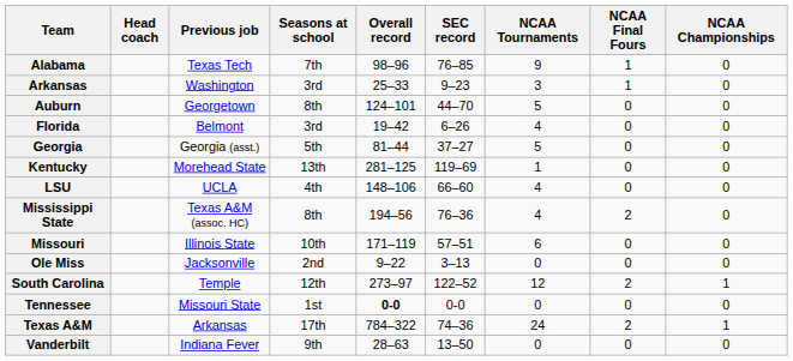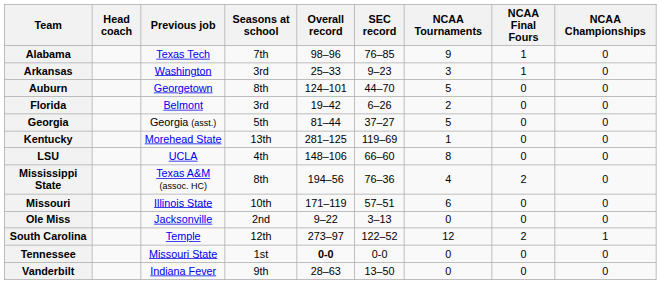 <table class="wikitable sortable" style="text-align: center;font-size:90%;">
 <tr>
 <th width="110">Team</th>
 <th>Head coach</th>
 <th>Previous job</th>
 <th>Seasons at school</th>
 <th>Overall record</th>
 <th>SEC record</th>
 <th>NCAA Tournaments</th>
 <th>NCAA Final Fours</th>
 <th>NCAA Championships</th>
 </tr>
 <tr>
 <th>Alabama</th>
 <td></td>
 <td><a href='#'>Texas Tech</a></td>
 <td>7th</td>
 <td>98–96</td>
 <td>76–85</td>
 <td>9</td>
 <td>1</td>
 <td>0</td>
 </tr>
 <tr>
 <th>Arkansas</th>
 <td></td>
 <td><a href='#'>Washington</a></td>
 <td>3rd</td>
 <td>25–33</td>
 <td>9–23</td>
 <td>3</td>
 <td>1</td>
 <td>0</td>
 </tr>
 <tr>
 <th>Auburn</th>
 <td></td>
 <td><a href='#'>Georgetown</a></td>
 <td>8th</td>
 <td>124–101</td>
 <td>44–70</td>
 <td>5</td>
 <td>0</td>
 <td>0</td>
 </tr>
 <tr>
 <th>Florida</th>
 <td></td>
 <td><a href='#'>Belmont</a></td>
 <td>3rd</td>
 <td>19–42</td>
 <td>6–26</td>
-<td>4</td>
+<td>2</td>
 <td>0</td>
 <td>0</td>
 </tr>
 <tr>
 <th>Georgia</th>
 <td></td>
 <td>Georgia <small>(asst.)</small></td>
 <td>5th</td>
 <td>81–44</td>
 <td>37–27</td>
 <td>5</td>
 <td>0</td>
 <td>0</td>
 </tr>
 <tr>
 <th>Kentucky</th>
 <td></td>
 <td><a href='#'>Morehead State</a></td>
 <td>13th</td>
 <td>281–125</td>
 <td>119–69</td>
 <td>1</td>
 <td>0</td>
 <td>0</td>
 </tr>
 <tr>
 <th>LSU</th>
 <td></td>
 <td><a href='#'>UCLA</a></td>
 <td>4th</td>
 <td>148–106</td>
 <td>66–60</td>
-<td>4</td>
+<td>8</td>
 <td>0</td>
 <td>0</td>
 </tr>
 <tr>
 <th>Mississippi State</th>
 <td></td>
 <td><a href='#'>Texas A&M</a> <small>(assoc. HC)</small></td>
 <td>8th</td>
 <td>194–56</td>
 <td>76–36</td>
 <td>4</td>
 <td>2</td>
 <td>0</td>
 </tr>
 <tr>
 <th>Missouri</th>
 <td></td>
 <td><a href='#'>Illinois State</a></td>
 <td>10th</td>
 <td>171–119</td>
 <td>57–51</td>
 <td>6</td>
 <td>0</td>
 <td>0</td>
 </tr>
 <tr>
 <th>Ole Miss</th>
 <td></td>
 <td><a href='#'>Jacksonville</a></td>
 <td>2nd</td>
 <td>9–22</td>
 <td>3–13</td>
 <td>0</td>
 <td>0</td>
 <td>0</td>
 </tr>
 <tr>
 <th>South Carolina</th>
 <td></td>
 <td><a href='#'>Temple</a></td>
 <td>12th</td>
 <td>273–97</td>
 <td>122–52</td>
 <td>12</td>
 <td>2</td>
 <td>1</td>
 </tr>
 <tr>
 <th>Tennessee</th>
 <td></td>
 <td><a href='#'>Missouri State</a></td>
 <td>1st</td>
 <td><strong>0-0</strong></td>
 <td>0-0</td>
 <td>0</td>
 <td>0</td>
 <td>0</td>
 </tr>
 <tr>
-<th>Texas A&M</th>
-<td></td>
-<td><a href='#'>Arkansas</a></td>
-<td>17th</td>
-<td>784–322</td>
-<td>74–36</td>
-<td>24</td>
-<td>2</td>
-<td>1</td>
-</tr>
-<tr>
 <th>Vanderbilt</th>
 <td></td>
 <td><a href='#'>Indiana Fever</a></td>
 <td>9th</td>
 <td>28–63</td>
 <td>13–50</td>
 <td>0</td>
 <td>0</td>
 <td>0</td>
 </tr>
 </table>
